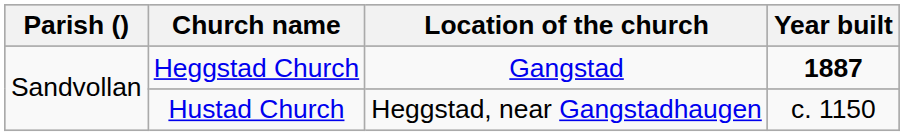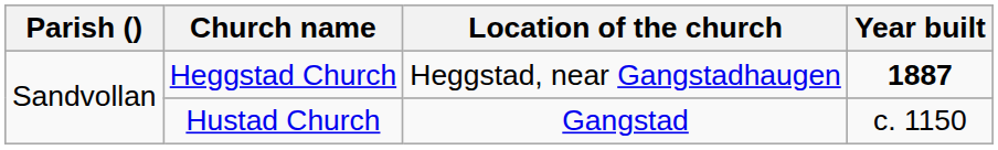 <table class="wikitable" style="text-align:center">
 <tr>
 <th>Parish ()</th>
 <th>Church name</th>
 <th>Location of the church</th>
 <th>Year built</th>
 </tr>
 <tr>
 <td rowspan="2">Sandvollan</td>
 <td><a href='#'>Heggstad Church</a></td>
-<td><a href='#'>Gangstad</a></td>
+<td>Heggstad, near <a href='#'>Gangstadhaugen</a></td>
 <td><strong>1887</strong></td>
 </tr>
 <tr>
 <td><a href='#'>Hustad Church</a></td>
-<td>Heggstad, near <a href='#'>Gangstadhaugen</a></td>
+<td><a href='#'>Gangstad</a></td>
 <td>c. 1150</td>
 </tr>
 </table>
